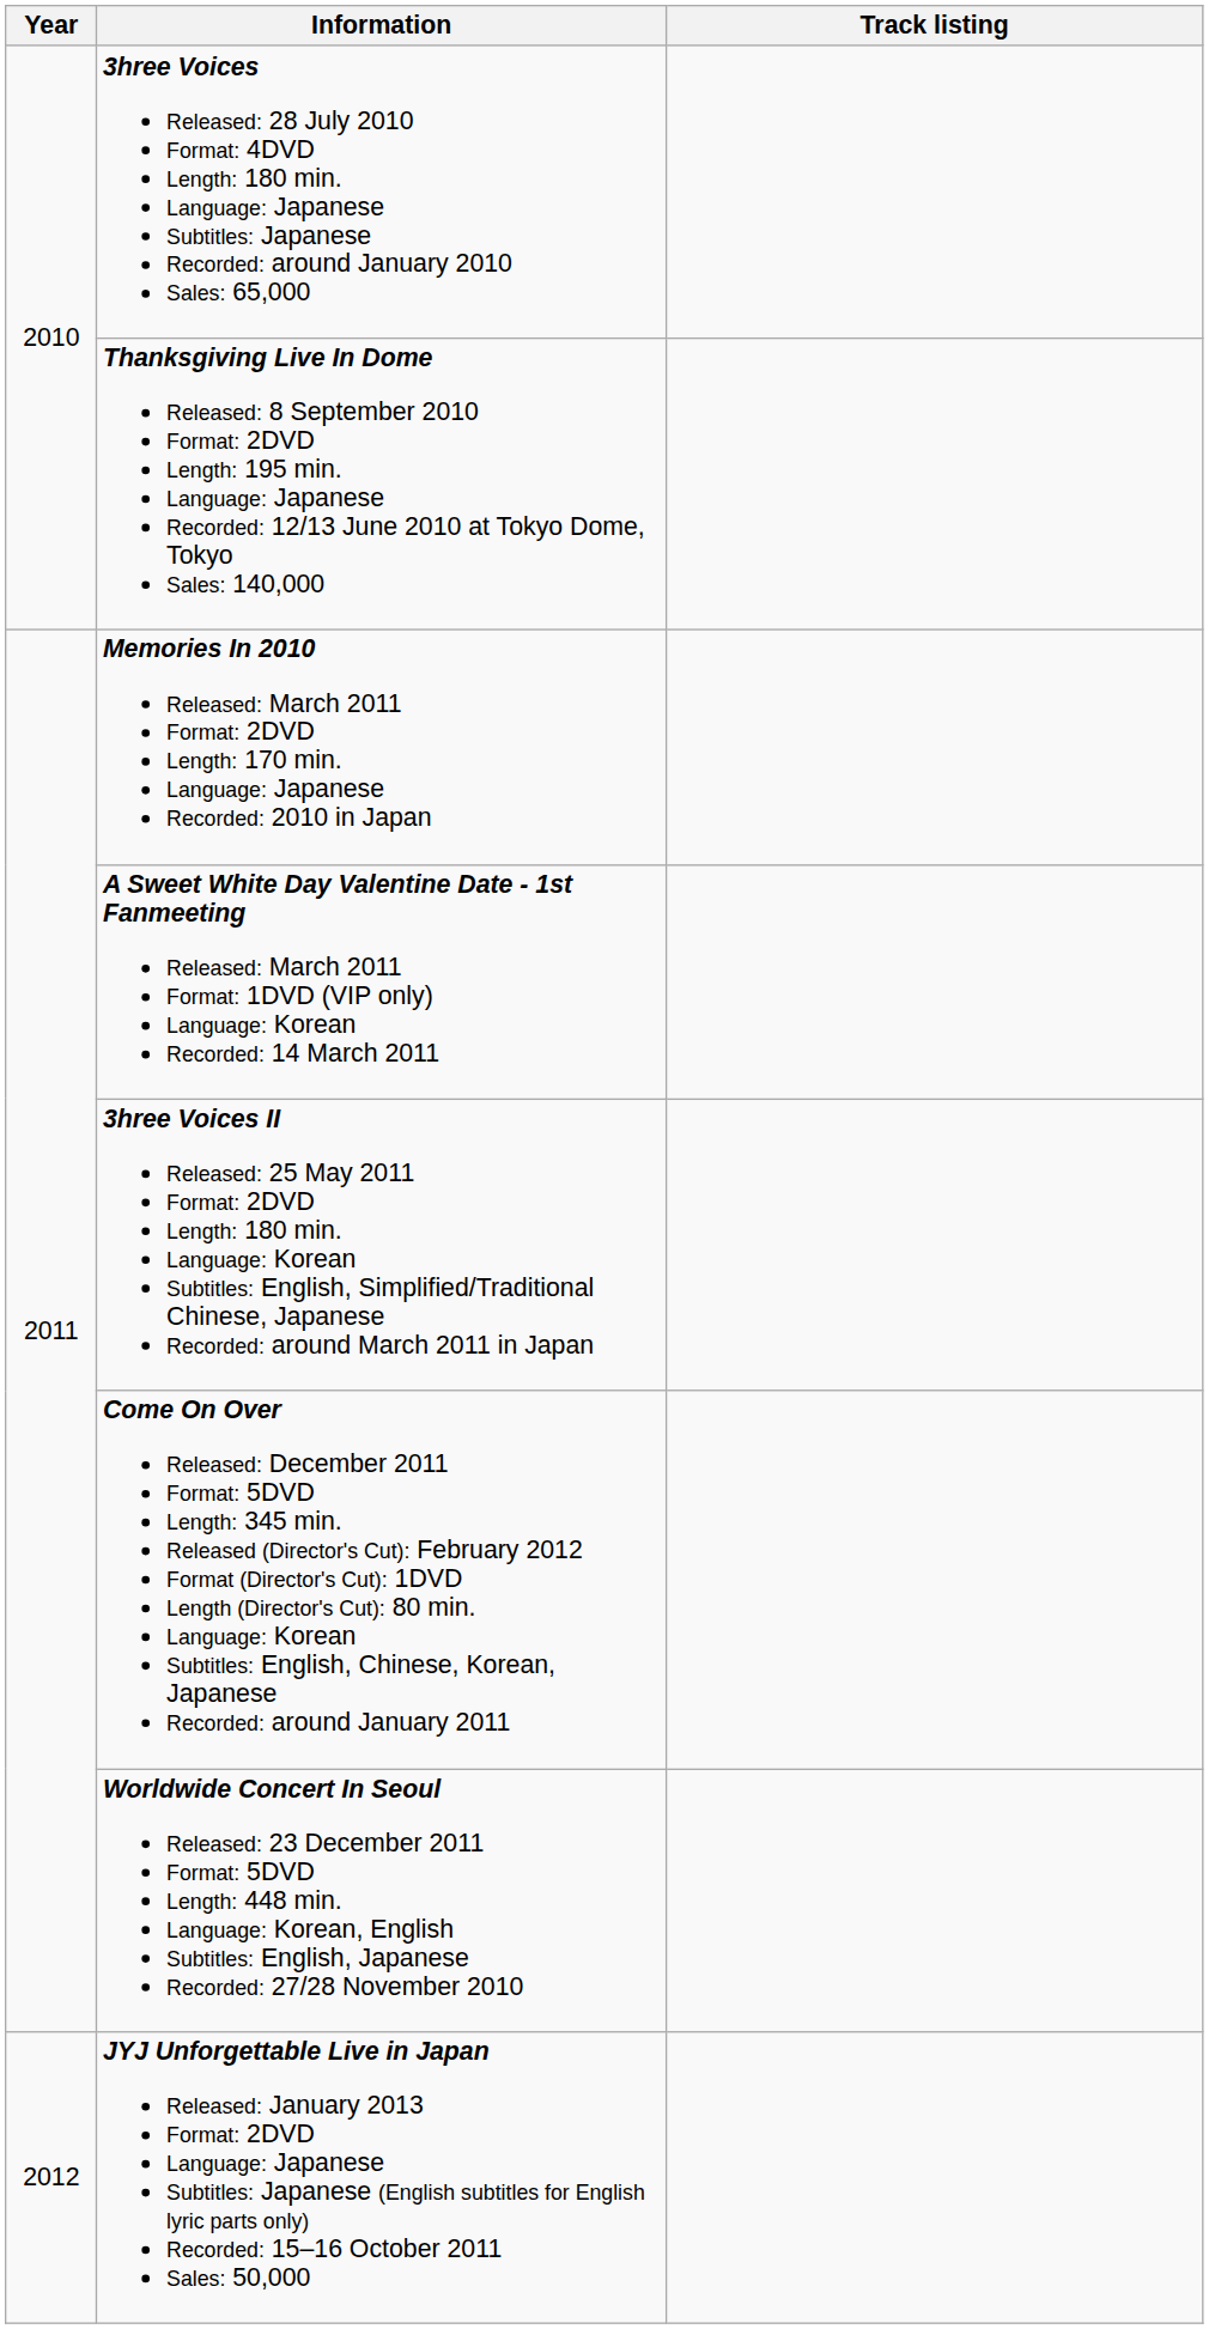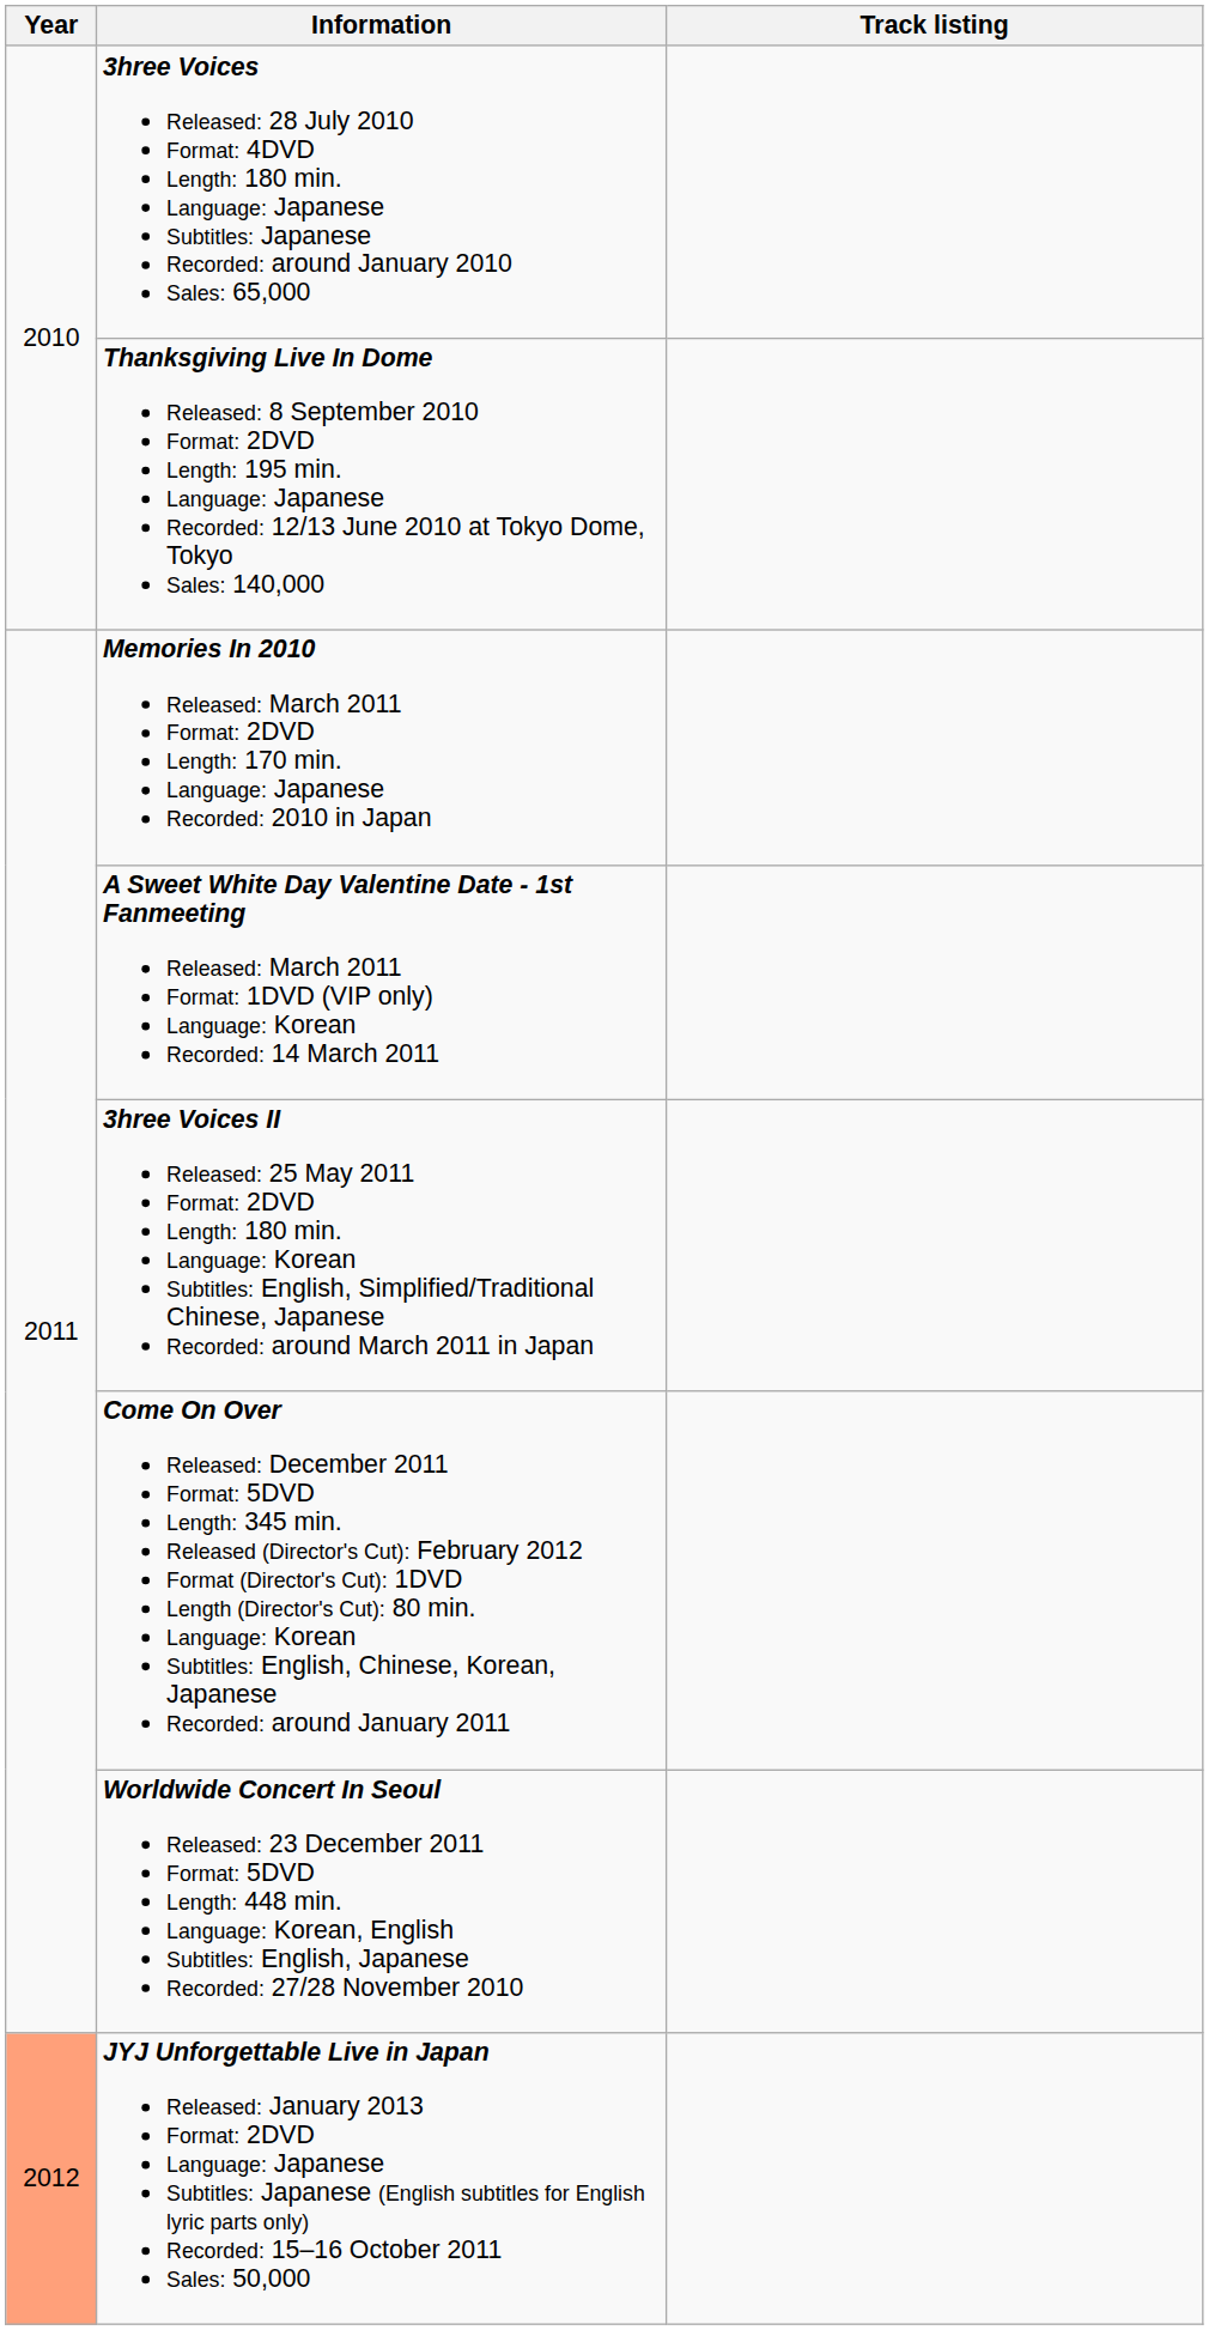 <table class="wikitable">
 <tr>
 <th style="width:50px;">Year</th>
 <th style="width:350px;">Information</th>
 <th style="width:330px;">Track listing</th>
 </tr>
 <tr>
 <td rowspan="2" style="text-align:center">2010</td>
 <td><strong><em>3hree Voices</em></strong><br><ul><li><small>Released:</small> 28 July 2010</li><li><small>Format:</small> 4DVD</li><li><small>Length:</small> 180 min.</li><li><small>Language:</small> Japanese</li><li><small>Subtitles:</small> Japanese</li><li><small>Recorded:</small>  around January 2010</li><li><small>Sales:</small> 65,000</li></ul></td>
 <td style="font-size: 85%;"></td>
 </tr>
 <tr>
 <td><strong><em>Thanksgiving Live In Dome</em></strong><br><ul><li><small>Released:</small> 8 September 2010</li><li><small>Format:</small> 2DVD</li><li><small>Length:</small> 195 min.</li><li><small>Language:</small> Japanese</li><li><small>Recorded:</small>  12/13 June 2010 at Tokyo Dome, Tokyo</li><li><small>Sales:</small> 140,000</li></ul></td>
 <td style="font-size: 85%;"></td>
 </tr>
 <tr>
 <td rowspan="5" style="text-align:center">2011</td>
 <td><strong><em>Memories In 2010</em></strong><br><ul><li><small>Released:</small> March 2011</li><li><small>Format:</small> 2DVD</li><li><small>Length:</small> 170 min.</li><li><small>Language:</small> Japanese</li><li><small>Recorded:</small> 2010 in Japan</li></ul></td>
 <td style="font-size: 85%;"></td>
 </tr>
 <tr>
 <td><strong><em>A Sweet White Day Valentine Date - 1st Fanmeeting</em></strong><br><ul><li><small>Released:</small> March 2011</li><li><small>Format:</small> 1DVD (VIP only)</li><li><small>Language:</small> Korean</li><li><small>Recorded:</small> 14 March 2011</li></ul></td>
 <td style="font-size: 85%;"></td>
 </tr>
 <tr>
 <td><strong><em>3hree Voices II</em></strong><br><ul><li><small>Released:</small> 25 May 2011</li><li><small>Format:</small> 2DVD</li><li><small>Length:</small> 180 min.</li><li><small>Language:</small> Korean</li><li><small>Subtitles:</small> English, Simplified/Traditional Chinese, Japanese</li><li><small>Recorded:</small> around March 2011 in Japan</li></ul></td>
 <td style="font-size: 85%;"></td>
 </tr>
 <tr>
 <td><strong><em>Come On Over</em></strong><br><ul><li><small>Released:</small> December 2011</li><li><small>Format:</small> 5DVD</li><li><small>Length:</small> 345 min.</li><li><small>Released (Director's Cut):</small> February 2012</li><li><small>Format (Director's Cut):</small> 1DVD</li><li><small>Length (Director's Cut):</small> 80 min.</li><li><small>Language:</small> Korean</li><li><small>Subtitles:</small> English, Chinese, Korean, Japanese</li><li><small>Recorded:</small> around January 2011</li></ul></td>
 <td style="font-size: 85%;"></td>
 </tr>
 <tr>
 <td><strong><em>Worldwide Concert In Seoul</em></strong><br><ul><li><small>Released:</small> 23 December 2011</li><li><small>Format:</small> 5DVD</li><li><small>Length:</small> 448 min.</li><li><small>Language:</small> Korean, English</li><li><small>Subtitles:</small> English, Japanese</li><li><small>Recorded:</small> 27/28 November 2010</li></ul></td>
 <td style="font-size: 85%;"></td>
 </tr>
 <tr>
-<td rowspan="1" style="text-align:center">2012</td>
+<td rowspan="1" style="background: lightsalmon; text-align:center">2012</td>
 <td><strong><em>JYJ Unforgettable Live in Japan</em></strong><br><ul><li><small>Released:</small> January 2013</li><li><small>Format:</small> 2DVD</li><li><small>Language:</small> Japanese</li><li><small>Subtitles:</small> Japanese <small>(English subtitles for English lyric parts only)</small></li><li><small>Recorded:</small>  15–16 October 2011</li><li><small>Sales:</small> 50,000</li></ul></td>
 <td style="font-size: 85%;"></td>
 </tr>
 </table>
